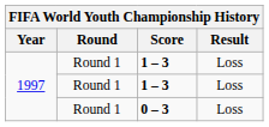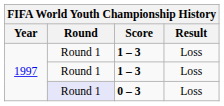 <table class="wikitable" style="text-align: center;font-size:90%;">
 <tr>
 <th colspan=4>FIFA World Youth Championship History</th>
 </tr>
 <tr>
 <th>Year</th>
 <th>Round</th>
 <th>Score</th>
 <th>Result</th>
 </tr>
 <tr>
 <td rowspan=3><a href='#'>1997</a></td>
 <td>Round 1</td>
 <td align="left"> <strong>1 – 3</strong> </td>
 <td>Loss</td>
 </tr>
 <tr>
 <td>Round 1</td>
 <td align="left"> <strong>1 – 3</strong> </td>
 <td>Loss</td>
 </tr>
 <tr>
-<td>Round 1</td>
+<td style="background: lavender;">Round 1</td>
 <td align="left"> <strong>0 – 3</strong> </td>
 <td>Loss</td>
 </tr>
 </table>
